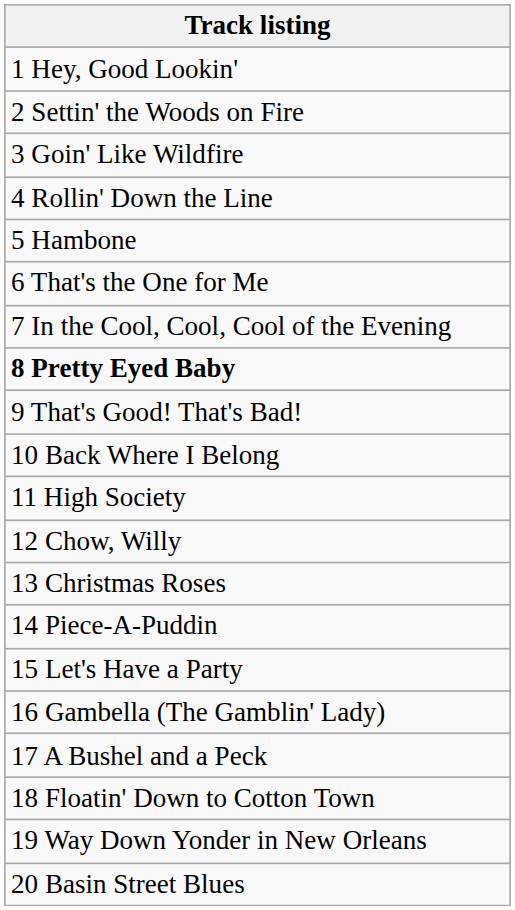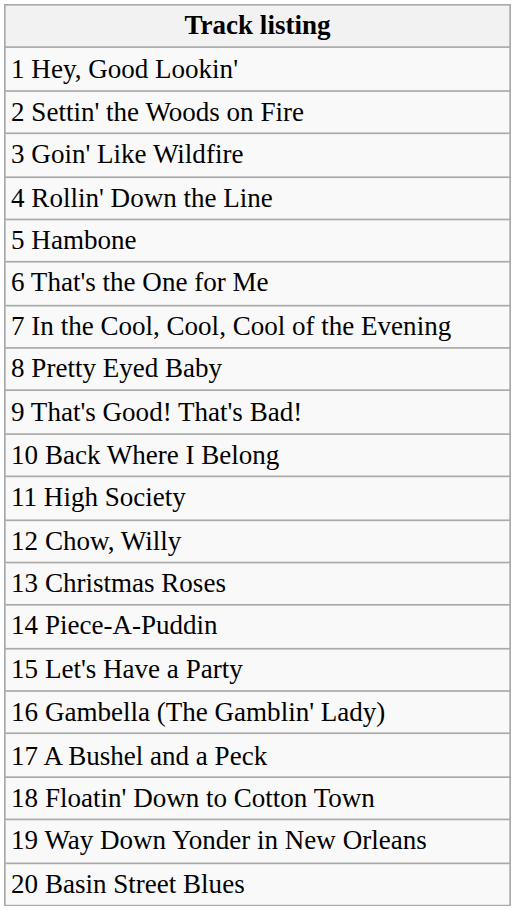 <table class="wikitable collapsible collapsed" style="width:300px;">
 <tr>
 <th>Track listing</th>
 </tr>
 <tr>
 <td>1  Hey, Good Lookin'</td>
 </tr>
 <tr>
 <td>2 Settin' the Woods on Fire</td>
 </tr>
 <tr>
 <td>3 Goin' Like Wildfire</td>
 </tr>
 <tr>
 <td>4 Rollin' Down the Line</td>
 </tr>
 <tr>
 <td>5 Hambone</td>
 </tr>
 <tr>
 <td>6 That's the One for Me</td>
 </tr>
 <tr>
 <td>7 In the Cool, Cool, Cool of the Evening</td>
 </tr>
 <tr>
-<td><strong>8 Pretty Eyed Baby</strong></td>
+<td>8 Pretty Eyed Baby</td>
 </tr>
 <tr>
 <td>9 That's Good! That's Bad!</td>
 </tr>
 <tr>
 <td>10 Back Where I Belong</td>
 </tr>
 <tr>
 <td>11 High Society</td>
 </tr>
 <tr>
 <td>12 Chow, Willy</td>
 </tr>
 <tr>
 <td>13 Christmas Roses</td>
 </tr>
 <tr>
 <td>14 Piece-A-Puddin</td>
 </tr>
 <tr>
 <td>15 Let's Have a Party</td>
 </tr>
 <tr>
 <td>16 Gambella (The Gamblin' Lady)</td>
 </tr>
 <tr>
 <td>17 A Bushel and a Peck</td>
 </tr>
 <tr>
 <td>18 Floatin' Down to Cotton Town</td>
 </tr>
 <tr>
 <td>19 Way Down Yonder in New Orleans</td>
 </tr>
 <tr>
 <td>20 Basin Street Blues</td>
 </tr>
 </table>
